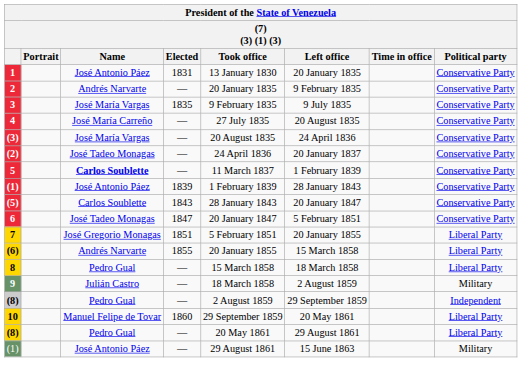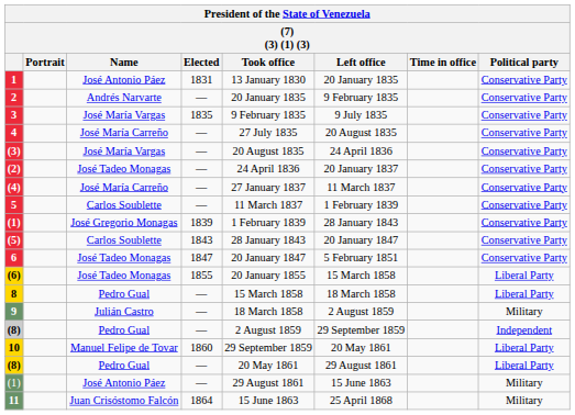 <table class="wikitable" style="text-align:center;">
 <tr>
 <th colspan="8"> President of the <a href='#'>State of Venezuela</a> </th>
 </tr>
 <tr>
 <th colspan="8">(7)<br>(3) (1) (3)</th>
 </tr>
 <tr>
 <th><br></th>
 <th>Portrait</th>
 <th>Name<br></th>
 <th>Elected</th>
 <th>Took office</th>
 <th>Left office</th>
 <th>Time in office</th>
 <th>Political party</th>
 </tr>
 <tr>
 <th style="background:#ed2939; color:white;">1</th>
 <td></td>
 <td><a href='#'>José Antonio Páez</a><br></td>
 <td>1831</td>
 <td>13 January 1830</td>
 <td>20 January 1835</td>
 <td></td>
 <td><a href='#'>Conservative Party</a></td>
 </tr>
 <tr>
 <th style="background:#ed2939; color:white;">2</th>
 <td></td>
 <td><a href='#'>Andrés Narvarte</a><br></td>
 <td>—</td>
 <td>20 January 1835</td>
 <td>9 February 1835</td>
 <td></td>
 <td><a href='#'>Conservative Party</a></td>
 </tr>
 <tr>
 <th style="background:#ed2939; color:white;">3</th>
 <td></td>
 <td><a href='#'>José María Vargas</a><br></td>
 <td>1835</td>
 <td>9 February 1835</td>
 <td>9 July 1835</td>
 <td></td>
 <td><a href='#'>Conservative Party</a></td>
 </tr>
 <tr>
 <th style="background:#ed2939; color:white;">4</th>
 <td></td>
 <td><a href='#'>José María Carreño</a><br></td>
 <td>—</td>
 <td>27 July 1835</td>
 <td>20 August 1835</td>
 <td></td>
 <td><a href='#'>Conservative Party</a></td>
 </tr>
 <tr>
 <th style="background:#ed2939; color:white;">(3)</th>
 <td></td>
 <td><a href='#'>José María Vargas</a><br></td>
 <td>—</td>
 <td>20 August 1835</td>
 <td>24 April 1836</td>
 <td></td>
 <td><a href='#'>Conservative Party</a></td>
 </tr>
 <tr>
 <th style="background:#ed2939; color:white;">(2)</th>
 <td></td>
 <td><a href='#'>José Tadeo Monagas</a><br></td>
 <td>—</td>
 <td>24 April 1836</td>
 <td>20 January 1837</td>
 <td></td>
 <td><a href='#'>Conservative Party</a></td>
 </tr>
 <tr>
+<th style="background:#ed2939; color:white;">(4)</th>
+<td></td>
+<td><a href='#'>José María Carreño</a><br></td>
+<td>—</td>
+<td>27 January 1837</td>
+<td>11 March 1837</td>
+<td></td>
+<td><a href='#'>Conservative Party</a></td>
+</tr>
+<tr>
 <th style="background:#ed2939; color:white;">5</th>
 <td></td>
-<td><strong><a href='#'>Carlos Soublette</a><br></strong></td>
+<td><a href='#'>Carlos Soublette</a><br></td>
 <td>—</td>
 <td>11 March 1837</td>
 <td>1 February 1839</td>
 <td></td>
 <td><a href='#'>Conservative Party</a></td>
 </tr>
 <tr>
 <th style="background:#ed2939; color:white;">(1)</th>
 <td></td>
-<td><a href='#'>José Antonio Páez</a><br></td>
+<td><a href='#'>José Gregorio Monagas</a><br></td>
 <td>1839</td>
 <td>1 February 1839</td>
 <td>28 January 1843</td>
 <td></td>
 <td><a href='#'>Conservative Party</a></td>
 </tr>
 <tr>
 <th style="background:#ed2939; color:white;">(5)</th>
 <td></td>
 <td><a href='#'>Carlos Soublette</a><br></td>
 <td>1843</td>
 <td>28 January 1843</td>
 <td>20 January 1847</td>
 <td></td>
 <td><a href='#'>Conservative Party</a></td>
 </tr>
 <tr>
 <th style="background:#ed2939; color:white;">6</th>
 <td></td>
 <td><a href='#'>José Tadeo Monagas</a><br></td>
 <td>1847</td>
 <td>20 January 1847</td>
 <td>5 February 1851</td>
 <td></td>
 <td><a href='#'>Conservative Party</a></td>
 </tr>
 <tr>
-<th style="background:gold; color:black;">7</th>
-<td></td>
-<td><a href='#'>José Gregorio Monagas</a><br></td>
-<td>1851</td>
-<td>5 February 1851</td>
-<td>20 January 1855</td>
-<td></td>
-<td><a href='#'>Liberal Party</a></td>
-</tr>
-<tr>
 <th style="background:gold; color:black;">(6)</th>
 <td></td>
-<td><a href='#'>Andrés Narvarte</a><br></td>
+<td><a href='#'>José Tadeo Monagas</a><br></td>
 <td>1855</td>
 <td>20 January 1855</td>
 <td>15 March 1858</td>
 <td></td>
 <td><a href='#'>Liberal Party</a></td>
 </tr>
 <tr>
 <th style="background:gold; color:black;">8</th>
 <td></td>
 <td><a href='#'>Pedro Gual</a><br></td>
 <td>—</td>
 <td>15 March 1858</td>
 <td>18 March 1858</td>
 <td></td>
 <td><a href='#'>Liberal Party</a></td>
 </tr>
 <tr>
 <th style="background:#679267; color:white;">9</th>
 <td></td>
 <td><a href='#'>Julián Castro</a><br></td>
 <td>—</td>
 <td>18 March 1858</td>
 <td>2 August 1859</td>
 <td></td>
 <td>Military</td>
 </tr>
 <tr>
 <th style="background:#ccc; color:black;">(8)</th>
 <td></td>
 <td><a href='#'>Pedro Gual</a><br></td>
 <td>—</td>
 <td>2 August 1859</td>
 <td>29 September 1859</td>
 <td></td>
 <td><a href='#'>Independent</a></td>
 </tr>
 <tr>
 <th style="background:gold; color:black;">10</th>
 <td></td>
 <td><a href='#'>Manuel Felipe de Tovar</a><br></td>
 <td>1860</td>
 <td>29 September 1859</td>
 <td>20 May 1861</td>
 <td></td>
 <td><a href='#'>Liberal Party</a></td>
 </tr>
 <tr>
 <th style="background:gold; color:black;">(8)</th>
 <td></td>
 <td><a href='#'>Pedro Gual</a><br></td>
 <td>—</td>
 <td>20 May 1861</td>
 <td>29 August 1861</td>
 <td></td>
 <td><a href='#'>Liberal Party</a></td>
 </tr>
 <tr>
 <td style="background:#679267; color:white;">(1)</td>
 <td></td>
 <td><a href='#'>José Antonio Páez</a><br></td>
 <td>—</td>
 <td>29 August 1861</td>
 <td>15 June 1863</td>
 <td></td>
 <td>Military</td>
 </tr>
+<tr>
+<th style="background:#679267; color:white;">11</th>
+<td></td>
+<td><a href='#'>Juan Crisóstomo Falcón</a><br></td>
+<td>1864</td>
+<td>15 June 1863</td>
+<td>25 April 1868</td>
+<td></td>
+<td>Military</td>
+</tr>
 </table>
